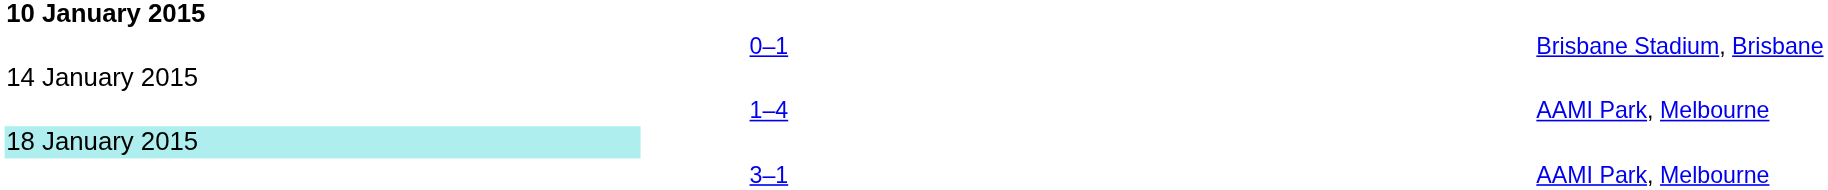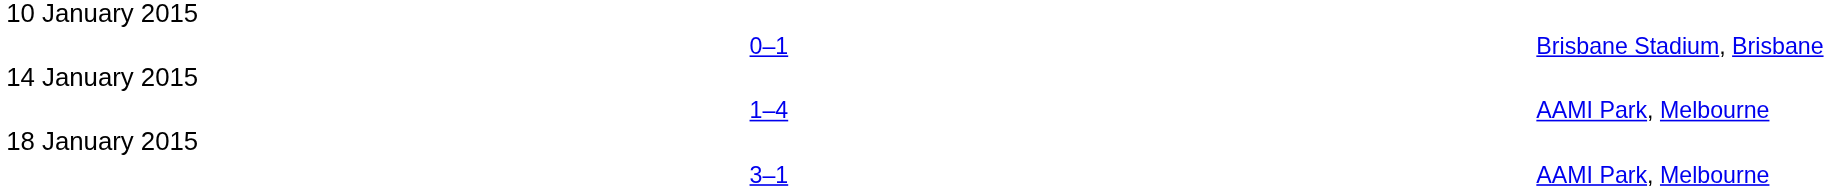 <table style="width:100%" cellspacing="1">
 <tr>
 <th width=25%></th>
 <th width=10%></th>
 <th width=25%></th>
 </tr>
 <tr>
-<td><strong>10 January 2015</strong></td>
+<td>10 January 2015</td>
 </tr>
 <tr style=font-size:90%>
 <td align=right></td>
 <td align=center><a href='#'>0–1</a></td>
 <td></td>
 <td><a href='#'>Brisbane Stadium</a>, <a href='#'>Brisbane</a></td>
 </tr>
 <tr>
 <td>14 January 2015</td>
 </tr>
 <tr style=font-size:90%>
 <td align=right></td>
 <td align=center><a href='#'>1–4</a></td>
 <td></td>
 <td><a href='#'>AAMI Park</a>, <a href='#'>Melbourne</a></td>
 </tr>
 <tr>
-<td style="background: paleturquoise;">18 January 2015</td>
+<td>18 January 2015</td>
 </tr>
 <tr style=font-size:90%>
 <td align=right></td>
 <td align=center><a href='#'>3–1</a></td>
 <td></td>
 <td><a href='#'>AAMI Park</a>, <a href='#'>Melbourne</a></td>
 </tr>
 </table>
